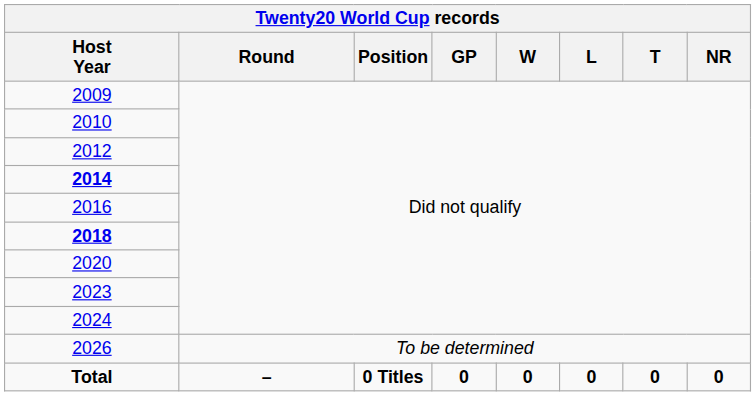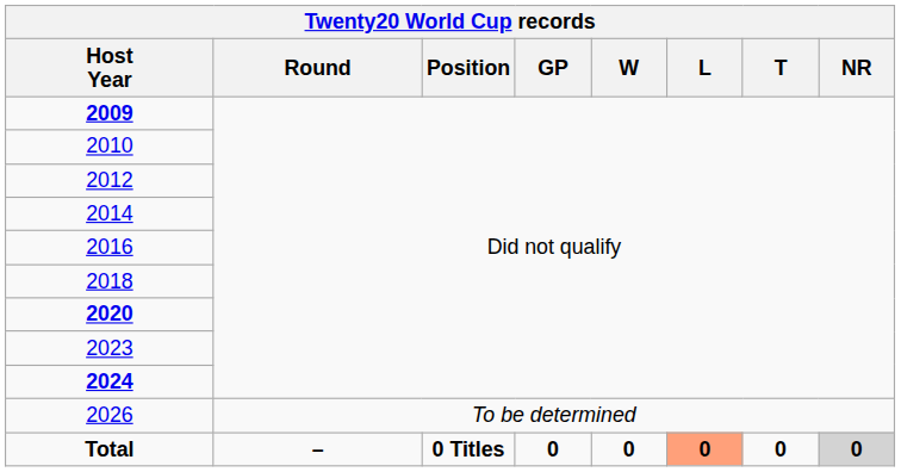 <table class="wikitable" style="text-align: center; width=900px;">
 <tr>
 <th colspan="8"><a href='#'>Twenty20 World Cup</a> records</th>
 </tr>
 <tr>
 <th width=150>Host<br>Year</th>
 <th width=150>Round</th>
 <th width=50>Position</th>
 <th width=50>GP</th>
 <th width=50>W</th>
 <th width=50>L</th>
 <th width=50>T</th>
 <th width=50>NR</th>
 </tr>
 <tr>
-<td> <a href='#'>2009</a></td>
+<td><strong> <a href='#'>2009</a></strong></td>
 <td colspan=7  rowspan=9>Did not qualify</td>
 </tr>
 <tr>
 <td> <a href='#'>2010</a></td>
 </tr>
 <tr>
 <td> <a href='#'>2012</a></td>
 </tr>
 <tr>
-<td><strong> <a href='#'>2014</a></strong></td>
+<td> <a href='#'>2014</a></td>
 </tr>
 <tr>
 <td> <a href='#'>2016</a></td>
 </tr>
 <tr>
-<td><strong> <a href='#'>2018</a></strong></td>
+<td> <a href='#'>2018</a></td>
 </tr>
 <tr>
-<td> <a href='#'>2020</a></td>
+<td><strong> <a href='#'>2020</a></strong></td>
 </tr>
 <tr>
 <td> <a href='#'>2023</a></td>
 </tr>
 <tr>
-<td> <a href='#'>2024</a></td>
+<td><strong> <a href='#'>2024</a></strong></td>
 </tr>
 <tr>
 <td> <a href='#'>2026</a></td>
 <td colspan="7"><em>To be determined</em></td>
 </tr>
 <tr>
 <td><strong>Total</strong></td>
 <td><strong>–</strong></td>
 <td><strong>0 Titles</strong></td>
 <td><strong>0</strong></td>
 <td><strong>0</strong></td>
+<td style="background: lightsalmon;"><strong>0</strong></td>
 <td><strong>0</strong></td>
-<td><strong>0</strong></td>
-<td><strong>0</strong></td>
+<td style="background: lightgrey;"><strong>0</strong></td>
 </tr>
 </table>
